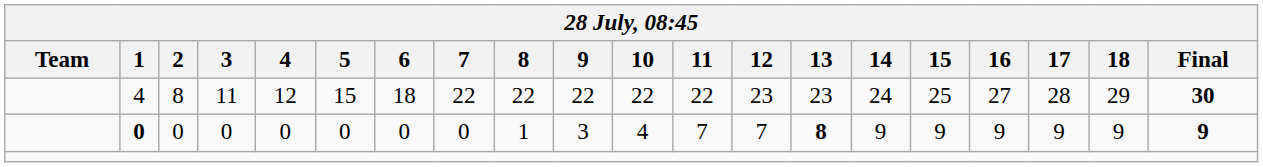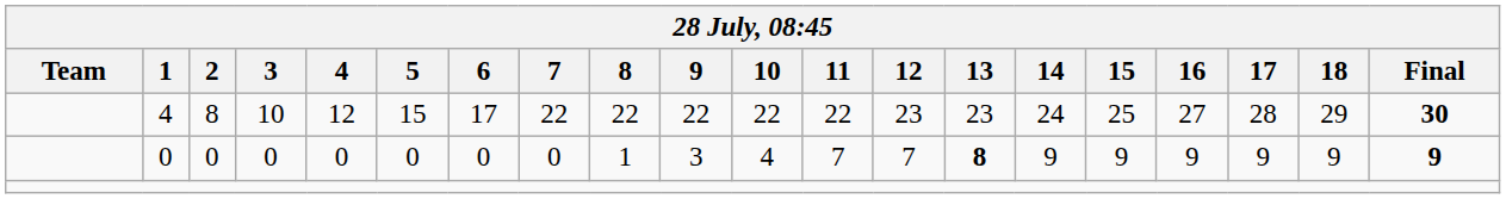 <table class=wikitable style="text-align:center; width: 55%">
 <tr>
 <th colspan=20><em>28 July, 08:45</em></th>
 </tr>
 <tr>
 <th>Team</th>
 <th>1</th>
 <th>2</th>
 <th>3</th>
 <th>4</th>
 <th>5</th>
 <th>6</th>
 <th>7</th>
 <th>8</th>
 <th>9</th>
 <th>10</th>
 <th>11</th>
 <th>12</th>
 <th>13</th>
 <th>14</th>
 <th>15</th>
 <th>16</th>
 <th>17</th>
 <th>18</th>
 <th>Final</th>
 </tr>
 <tr>
 <td align=left><strong></strong></td>
 <td>4</td>
 <td>8</td>
-<td>11</td>
+<td>10</td>
 <td>12</td>
 <td>15</td>
-<td>18</td>
+<td>17</td>
 <td>22</td>
 <td>22</td>
 <td>22</td>
 <td>22</td>
 <td>22</td>
 <td>23</td>
 <td>23</td>
 <td>24</td>
 <td>25</td>
 <td>27</td>
 <td>28</td>
 <td>29</td>
 <td><strong>30</strong></td>
 </tr>
 <tr>
 <td align=left></td>
-<td><strong>0</strong></td>
+<td>0</td>
 <td>0</td>
 <td>0</td>
 <td>0</td>
 <td>0</td>
 <td>0</td>
 <td>0</td>
 <td>1</td>
 <td>3</td>
 <td>4</td>
 <td>7</td>
 <td>7</td>
 <td><strong>8</strong></td>
 <td>9</td>
 <td>9</td>
 <td>9</td>
 <td>9</td>
 <td>9</td>
 <td><strong>9</strong></td>
 </tr>
 <tr>
 <td colspan=20></td>
 </tr>
 </table>
